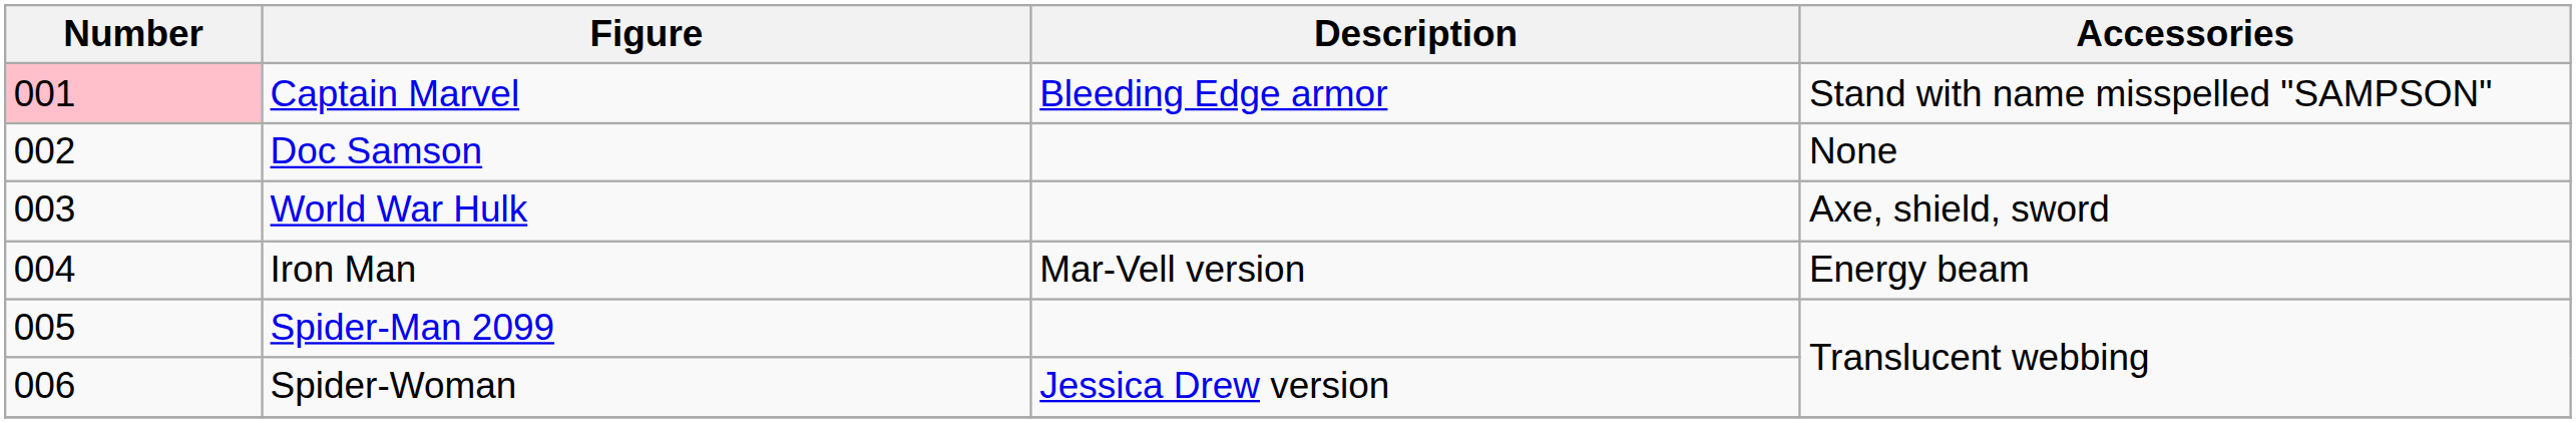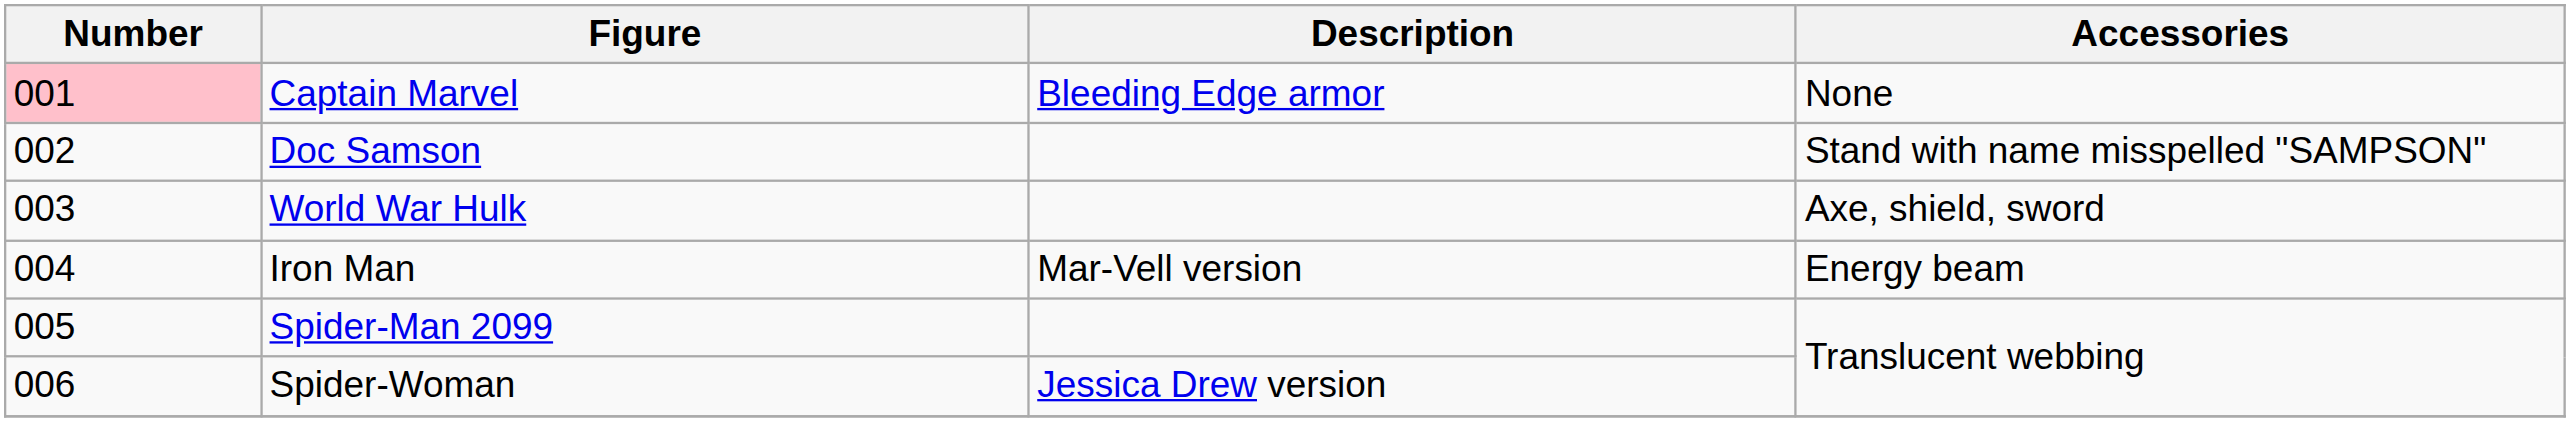 <table class="wikitable" width="70%">
 <tr>
 <th width=10%>Number</th>
 <th width=30%>Figure</th>
 <th width=30%>Description</th>
 <th width=30%>Accessories</th>
 </tr>
 <tr>
 <td style="background: pink;">001</td>
 <td><a href='#'>Captain Marvel</a></td>
 <td><a href='#'>Bleeding Edge armor</a></td>
-<td>Stand with name misspelled "SAMPSON"</td>
+<td>None</td>
 </tr>
 <tr>
 <td>002</td>
 <td><a href='#'>Doc Samson</a></td>
 <td></td>
-<td>None</td>
+<td>Stand with name misspelled "SAMPSON"</td>
 </tr>
 <tr>
 <td>003</td>
 <td><a href='#'>World War Hulk</a></td>
 <td></td>
 <td>Axe, shield, sword</td>
 </tr>
 <tr>
 <td>004</td>
 <td>Iron Man</td>
 <td>Mar-Vell version</td>
 <td>Energy beam</td>
 </tr>
 <tr>
 <td>005</td>
 <td><a href='#'>Spider-Man 2099</a></td>
 <td></td>
 <td rowspan="2">Translucent webbing</td>
 </tr>
 <tr>
 <td>006</td>
 <td>Spider-Woman</td>
 <td><a href='#'>Jessica Drew</a> version</td>
 </tr>
 <tr>
 </tr>
 </table>
